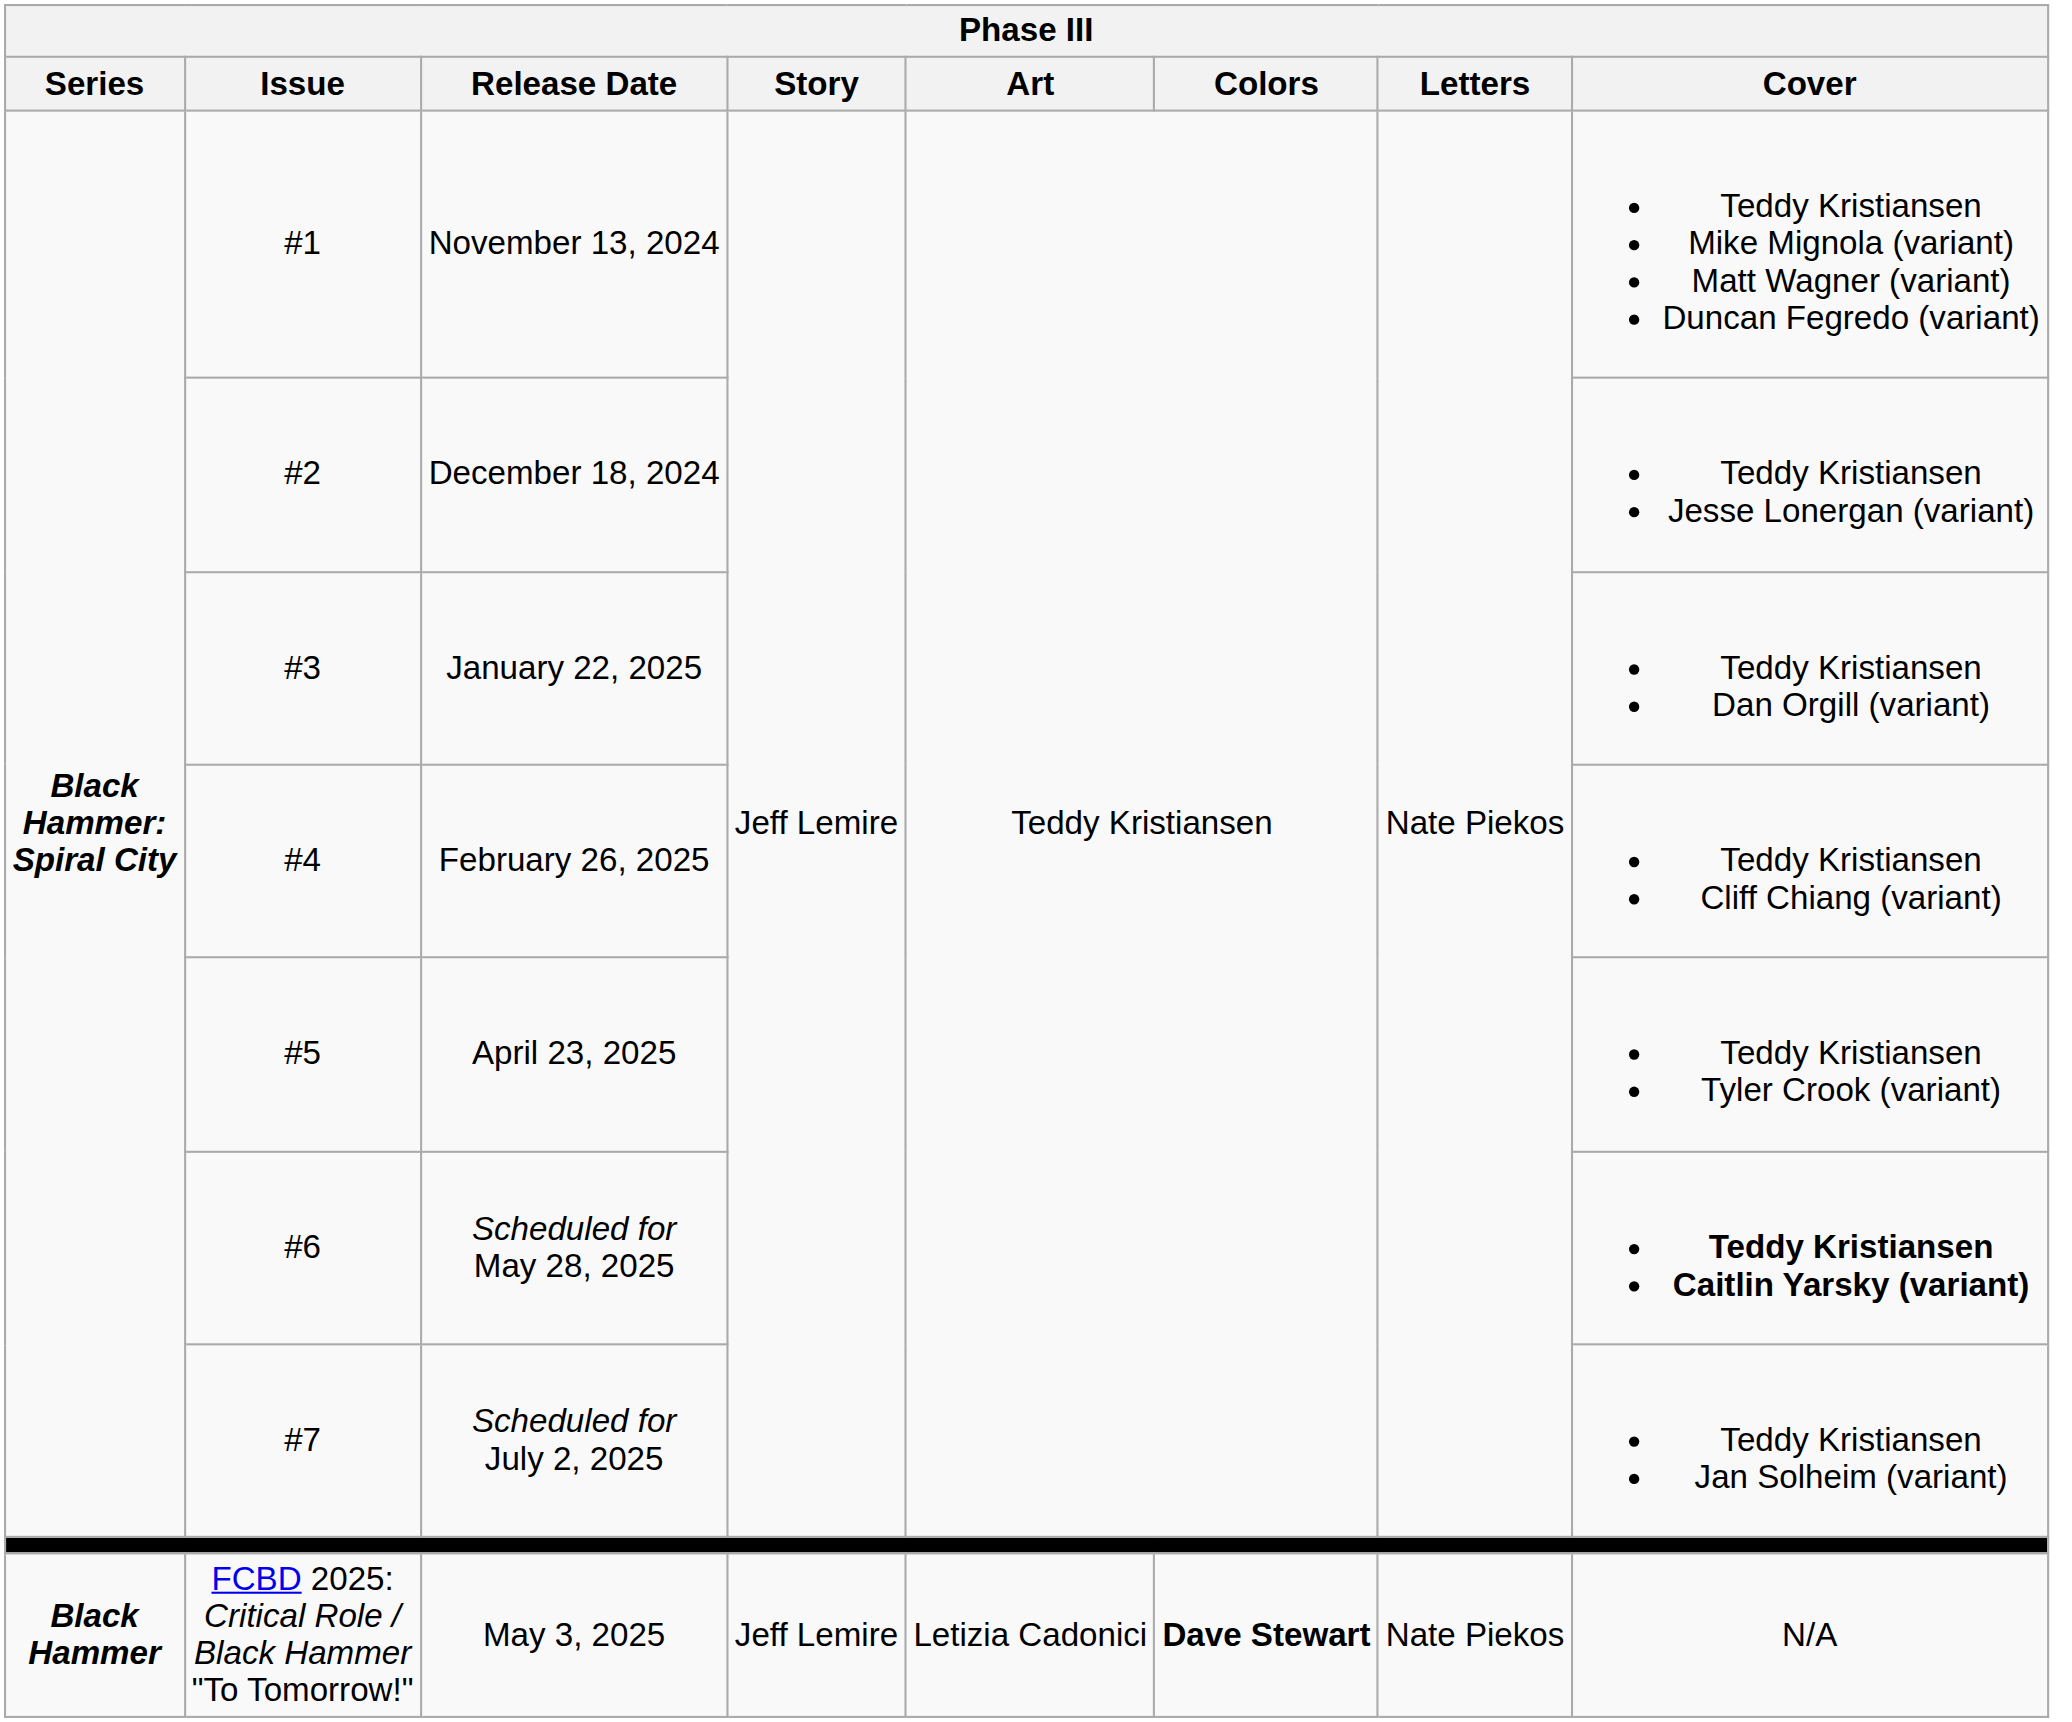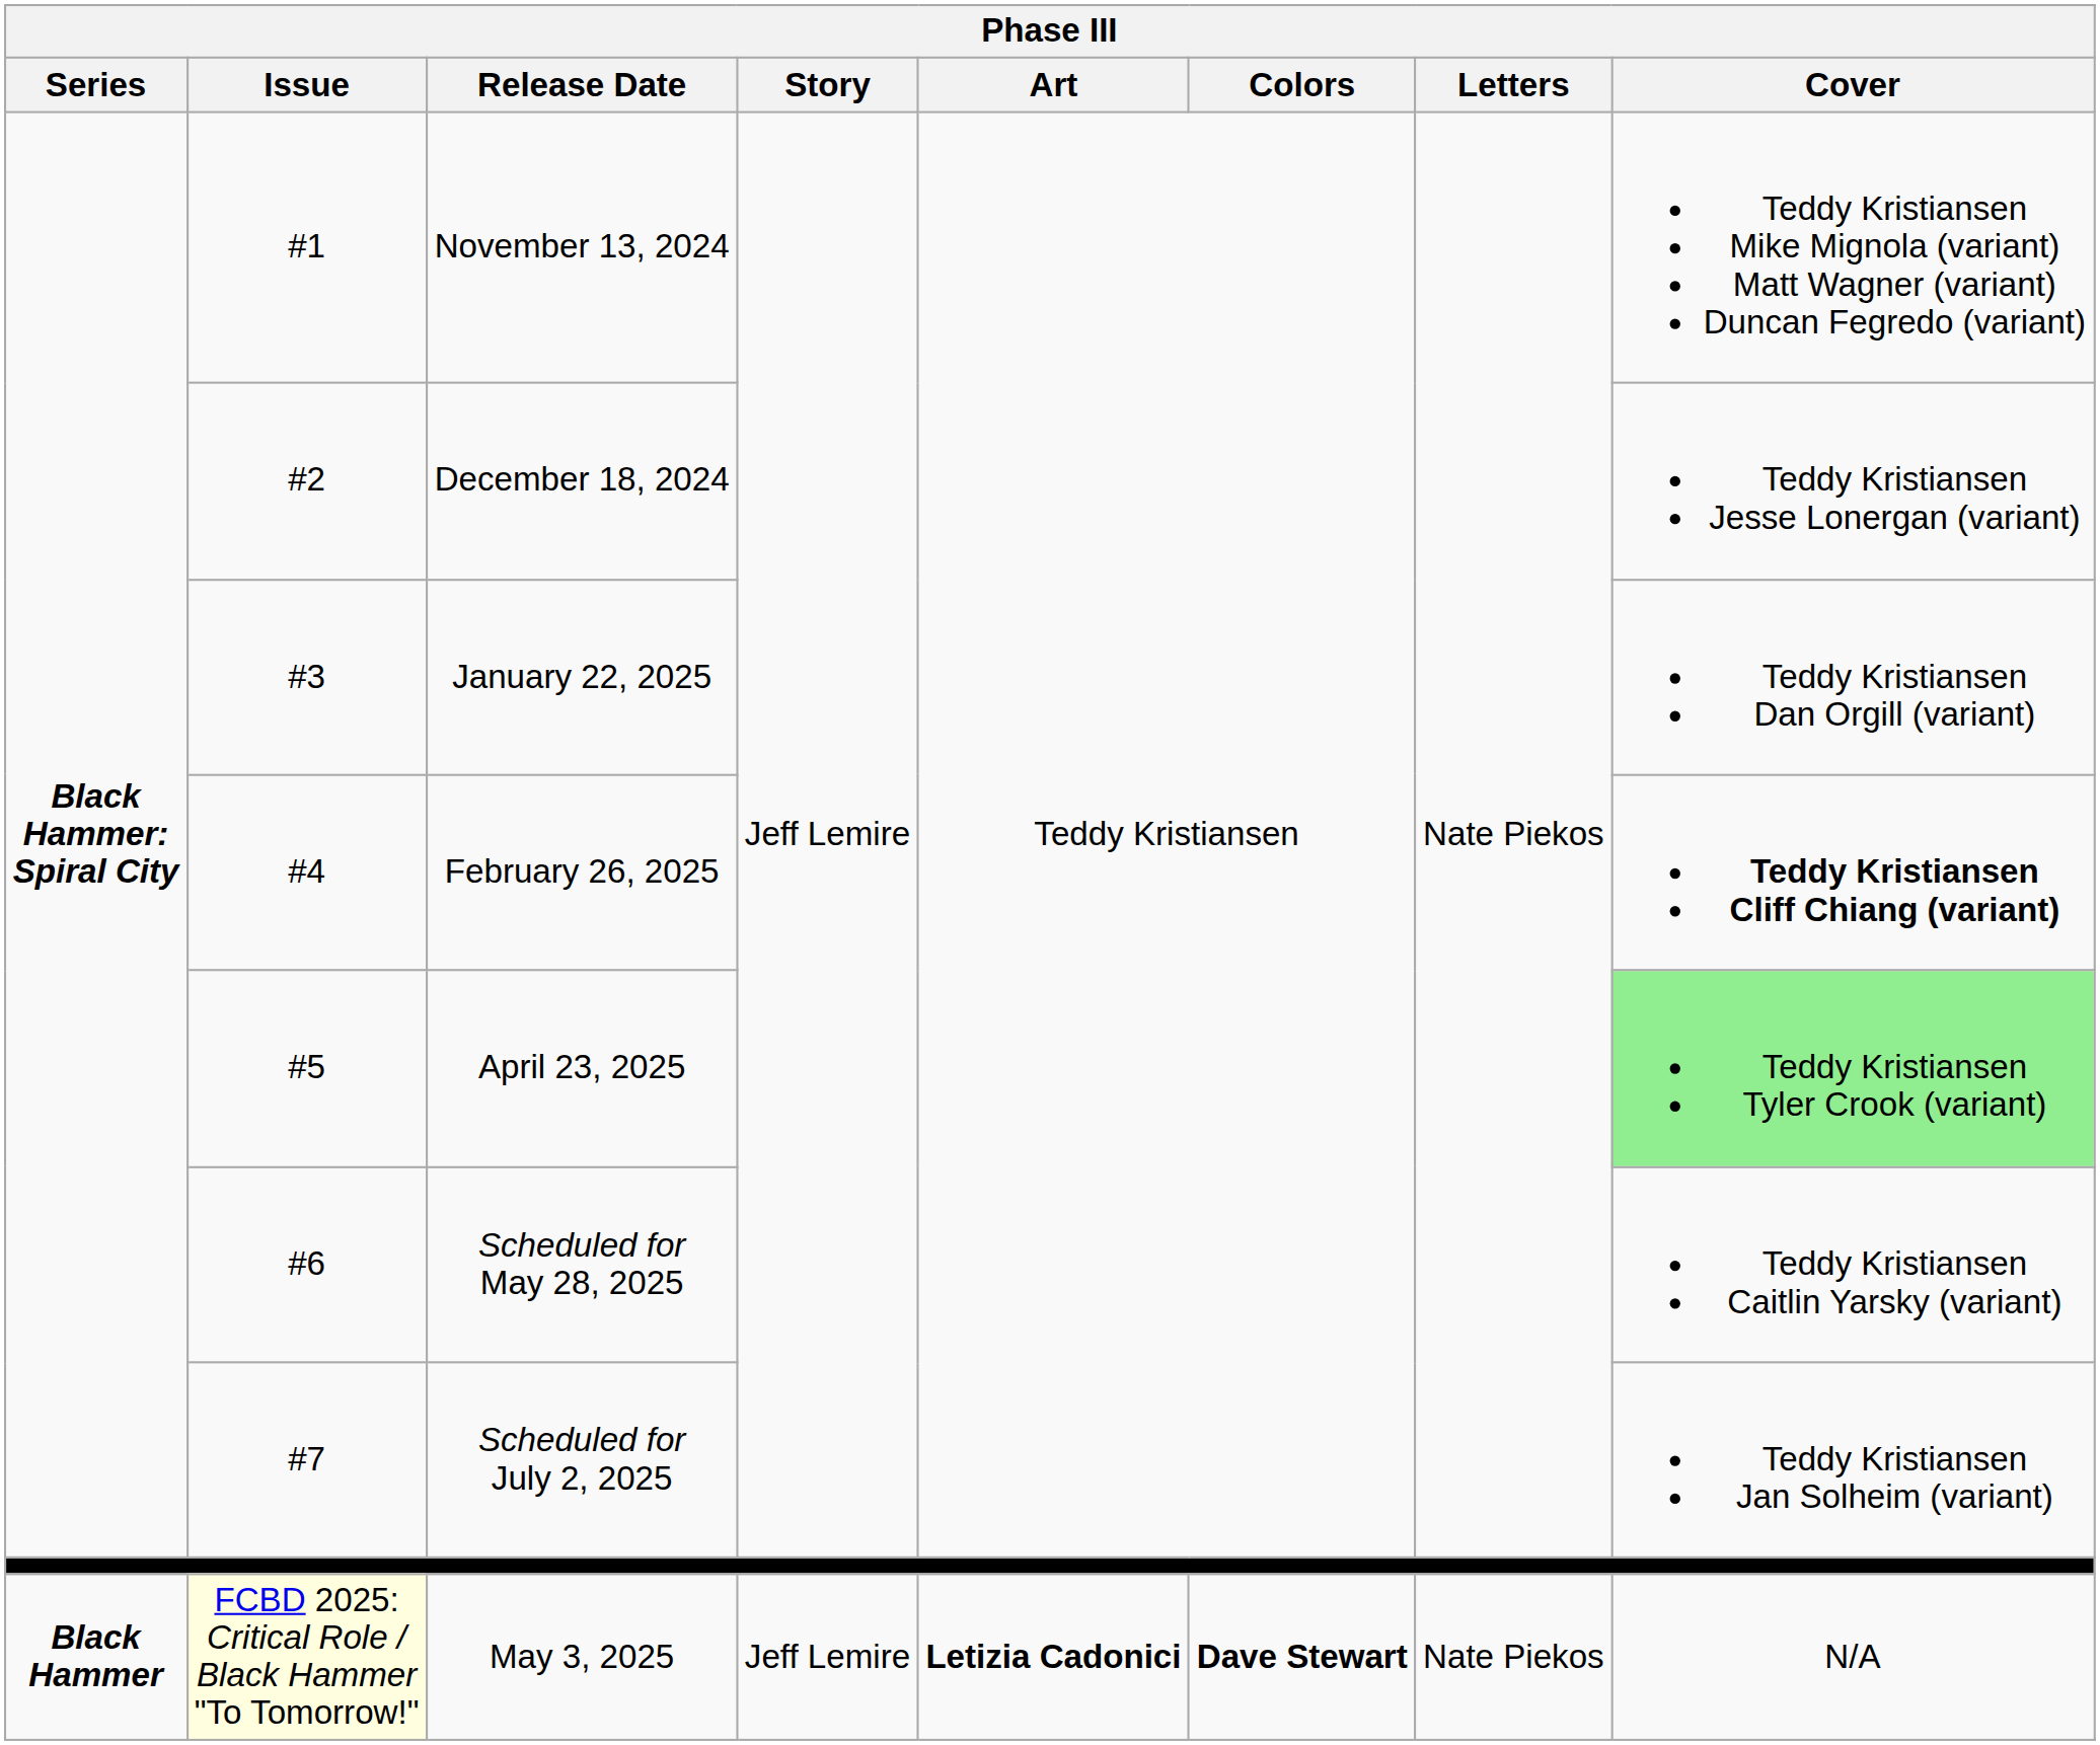 <table class="wikitable mw-collapsible mw-collapsed" style="text-align: center">
 <tr>
 <th colspan="8">Phase III</th>
 </tr>
 <tr>
 <th>Series</th>
 <th>Issue</th>
 <th>Release Date</th>
 <th>Story</th>
 <th>Art</th>
 <th>Colors</th>
 <th>Letters</th>
 <th>Cover</th>
 </tr>
 <tr>
 <td rowspan="7"><strong><em>Black<br>Hammer:<br>Spiral City</em></strong></td>
 <td>#1</td>
 <td>November 13, 2024</td>
 <td rowspan="7">Jeff Lemire</td>
 <td colspan="2" rowspan="7">Teddy Kristiansen</td>
 <td rowspan="7">Nate Piekos</td>
 <td><br><ul><li>Teddy Kristiansen</li><li>Mike Mignola (variant)</li><li>Matt Wagner (variant)</li><li>Duncan Fegredo (variant)</li></ul></td>
 </tr>
 <tr>
 <td>#2</td>
 <td>December 18, 2024</td>
 <td><br><ul><li>Teddy Kristiansen</li><li>Jesse Lonergan (variant)</li></ul></td>
 </tr>
 <tr>
 <td>#3</td>
 <td>January 22, 2025</td>
 <td><br><ul><li>Teddy Kristiansen</li><li>Dan Orgill (variant)</li></ul></td>
 </tr>
 <tr>
 <td>#4</td>
 <td>February 26, 2025</td>
-<td><br><ul><li>Teddy Kristiansen</li><li>Cliff Chiang (variant)</li></ul></td>
+<td><strong><br><ul><li>Teddy Kristiansen</li><li>Cliff Chiang (variant)</li></ul></strong></td>
 </tr>
 <tr>
 <td>#5</td>
 <td>April 23, 2025</td>
-<td><br><ul><li>Teddy Kristiansen</li><li>Tyler Crook (variant)</li></ul></td>
+<td style="background: lightgreen;"><br><ul><li>Teddy Kristiansen</li><li>Tyler Crook (variant)</li></ul></td>
 </tr>
 <tr>
 <td>#6</td>
 <td><em>Scheduled for</em><br>May 28, 2025</td>
-<td><strong><br><ul><li>Teddy Kristiansen</li><li>Caitlin Yarsky (variant)</li></ul></strong></td>
+<td><br><ul><li>Teddy Kristiansen</li><li>Caitlin Yarsky (variant)</li></ul></td>
 </tr>
 <tr>
 <td>#7</td>
 <td><em>Scheduled for</em><br>July 2, 2025</td>
 <td><br><ul><li>Teddy Kristiansen</li><li>Jan Solheim (variant)</li></ul></td>
 </tr>
 <tr>
 <td colspan="8" style="background: #000000;"></td>
 </tr>
 <tr>
 <td><strong><em>Black<br>Hammer</em></strong></td>
-<td><a href='#'>FCBD</a> 2025:<br><em>Critical Role /<br>Black Hammer</em><br>"To Tomorrow!"</td>
+<td style="background: lightyellow;"><a href='#'>FCBD</a> 2025:<br><em>Critical Role /<br>Black Hammer</em><br>"To Tomorrow!"</td>
 <td>May 3, 2025</td>
 <td>Jeff Lemire</td>
-<td>Letizia Cadonici</td>
+<td><strong>Letizia Cadonici</strong></td>
 <td><strong>Dave Stewart</strong></td>
 <td>Nate Piekos</td>
 <td>N/A</td>
 </tr>
 </table>
